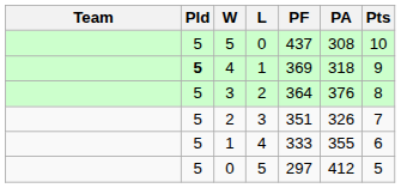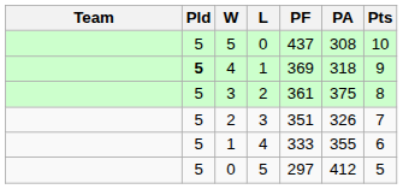 <table class="wikitable" style="text-align:center;">
 <tr>
 <th width=170>Team</th>
 <th width=25>Pld</th>
 <th width=25>W</th>
 <th width=25>L</th>
 <th width=35>PF</th>
 <th width=35>PA</th>
 <th width=25>Pts</th>
 </tr>
 <tr bgcolor=#ccffcc>
 <td align="left"></td>
 <td>5</td>
 <td>5</td>
 <td>0</td>
 <td>437</td>
 <td>308</td>
 <td>10</td>
 </tr>
 <tr bgcolor=#ccffcc>
 <td align="left"></td>
 <td><strong>5</strong></td>
 <td>4</td>
 <td>1</td>
 <td>369</td>
 <td>318</td>
 <td>9</td>
 </tr>
 <tr bgcolor=#ccffcc>
 <td align="left"></td>
 <td>5</td>
 <td>3</td>
 <td>2</td>
-<td>364</td>
-<td>376</td>
+<td>361</td>
+<td>375</td>
 <td>8</td>
 </tr>
 <tr bgcolor=>
 <td align="left"><em></em></td>
 <td>5</td>
 <td>2</td>
 <td>3</td>
 <td>351</td>
 <td>326</td>
 <td>7</td>
 </tr>
 <tr bgcolor=>
 <td align="left"></td>
 <td>5</td>
 <td>1</td>
 <td>4</td>
 <td>333</td>
 <td>355</td>
 <td>6</td>
 </tr>
 <tr bgcolor=>
 <td align="left"></td>
 <td>5</td>
 <td>0</td>
 <td>5</td>
 <td>297</td>
 <td>412</td>
 <td>5</td>
 </tr>
 </table>
